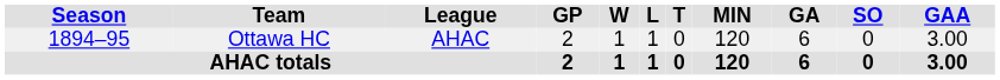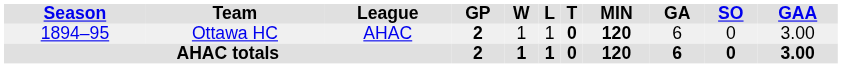 <table BORDER="0" CELLPADDING="0" CELLSPACING="0" width="60%">
 <tr bgcolor="#e0e0e0">
 <th colspan="3" bgcolor="#ffffff"></th>
 <th rowspan="99" bgcolor="#ffffff"></th>
 </tr>
 <tr bgcolor="#e0e0e0" ALIGN="center">
 <th><a href='#'>Season</a></th>
 <th>Team</th>
 <th>League</th>
 <th>GP</th>
 <th>W</th>
 <th>L</th>
 <th>T</th>
 <th>MIN</th>
 <th>GA</th>
 <th><a href='#'>SO</a></th>
 <th><a href='#'>GAA</a></th>
 </tr>
 <tr ALIGN="center" bgcolor="#f0f0f0">
 <td><a href='#'>1894–95</a></td>
 <td><a href='#'>Ottawa HC</a></td>
 <td><a href='#'>AHAC</a></td>
-<td>2</td>
+<td><strong>2</strong></td>
 <td>1</td>
 <td>1</td>
-<td>0</td>
-<td>120</td>
+<td><strong>0</strong></td>
+<td><strong>120</strong></td>
 <td>6</td>
 <td>0</td>
 <td>3.00</td>
 </tr>
 <tr bgcolor="#e0e0e0">
 <th colspan="3">AHAC totals</th>
 <th>2</th>
 <th>1</th>
 <th>1</th>
 <th>0</th>
 <th>120</th>
 <th>6</th>
 <th>0</th>
 <th>3.00</th>
 </tr>
 </table>
